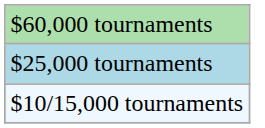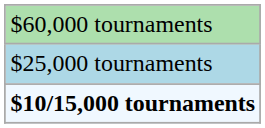 <table class="wikitable" style="font-size:85%;">
 <tr style="background:#addfad;">
 <td>$60,000 tournaments</td>
 </tr>
 <tr style="background:lightblue;">
 <td>$25,000 tournaments</td>
 </tr>
 <tr style="background:#f0f8ff;">
-<td>$10/15,000 tournaments</td>
+<td><strong>$10/15,000 tournaments</strong></td>
 </tr>
 </table>
